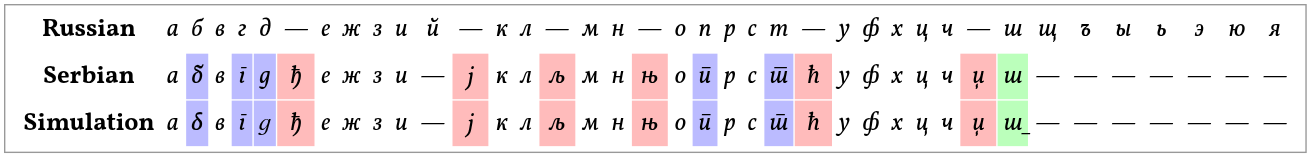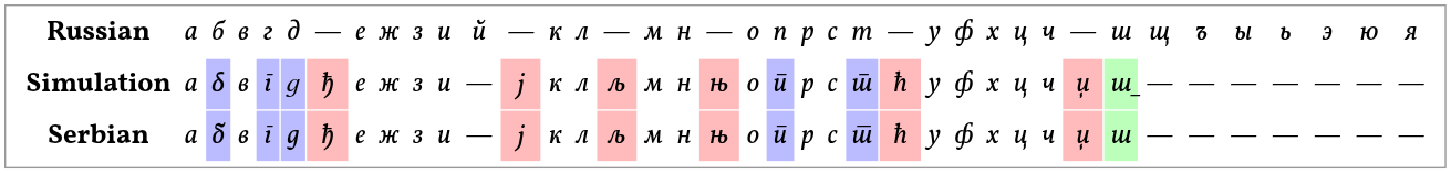 <table border=0 cellpadding=4 cellspacing=1 style="padding:0 .5em .2em; border:1px solid #999; margin:1em 0;">
 <tr style="font-family:Vollkorn,FreeSerif,Cambria,'Times New Roman','Nimbus Roman No9 L','Century Schoolbook L','Trebuchet MS','URW Bookman L','URW Chancery L','URW Palladio L',Teams,serif; font-size:large; text-align:center; " lang="ru">
 <th lang="en">Russian</th>
 <td><em>а</em></td>
 <td><em>б</em></td>
 <td><em>в</em></td>
 <td><em>г</em></td>
 <td><em>д</em></td>
 <td><em>—</em></td>
 <td><em>е</em></td>
 <td><em>ж</em></td>
 <td><em>з</em></td>
 <td><em>и</em></td>
 <td><em>й</em></td>
 <td><em>—</em></td>
 <td><em>к</em></td>
 <td><em>л</em></td>
 <td><em>—</em></td>
 <td><em>м</em></td>
 <td><em>н</em></td>
 <td><em>—</em></td>
 <td><em>о</em></td>
 <td><em>п</em></td>
 <td><em>р</em></td>
 <td><em>с</em></td>
 <td><em>т</em></td>
 <td><em>—</em></td>
 <td><em>у</em></td>
 <td><em>ф</em></td>
 <td><em>х</em></td>
 <td><em>ц</em></td>
 <td><em>ч</em></td>
 <td><em>—</em></td>
 <td><em>ш</em></td>
 <td><em>щ</em></td>
 <td><em>ъ</em></td>
 <td><em>ы</em></td>
 <td><em>ь</em></td>
 <td><em>э</em></td>
 <td><em>ю</em></td>
 <td><em>я</em></td>
 </tr>
+<tr style="font-family:Vollkorn,FreeSerif,Cambria,'Times New Roman','Nimbus Roman No9 L','Century Schoolbook L','Trebuchet MS','URW Bookman L','URW Chancery L','URW Palladio L',Teams,serif; font-size:large; text-align:center; " lang="ru">
+<th lang="en">Simulation</th>
+<td><em>а</em></td>
+<td style="background:#BBF"><em>δ</em></td>
+<td><em>в</em></td>
+<td style="background:#BBF"><em>ī</em></td>
+<td style="background:#BBF"><em>ɡ</em></td>
+<td style="background:#FBB"><em>ђ</em></td>
+<td><em>е</em></td>
+<td><em>ж</em></td>
+<td><em>з</em></td>
+<td><em>и</em></td>
+<td><em>—</em></td>
+<td style="background:#FBB"><em>ј</em></td>
+<td><em>к</em></td>
+<td><em>л</em></td>
+<td style="background:#FBB"><em>љ</em></td>
+<td><em>м</em></td>
+<td><em>н</em></td>
+<td style="background:#FBB"><em>њ</em></td>
+<td><em>о</em></td>
+<td style="background:#BBF"><em>ū</em></td>
+<td><em>р</em></td>
+<td><em>с</em></td>
+<td style="background:#BBF"><em>ш&#772;</em></td>
+<td style="background:#FBB"><em>ћ</em></td>
+<td><em>у</em></td>
+<td><em>ф</em></td>
+<td><em>х</em></td>
+<td><em>ц</em></td>
+<td><em>ч</em></td>
+<td style="background:#FBB"><em>џ</em></td>
+<td style="background:#BFB"><em>ш&#817;</em></td>
+<td><em>—</em></td>
+<td><em>—</em></td>
+<td><em>—</em></td>
+<td><em>—</em></td>
+<td><em>—</em></td>
+<td><em>—</em></td>
+<td><em>—</em></td>
+</tr>
 <tr style="font-family:Vollkorn,FreeSerif,Cambria,'Times New Roman','Nimbus Roman No9 L','Century Schoolbook L','Trebuchet MS','URW Bookman L','URW Chancery L','URW Palladio L',Teams,serif; font-size:large; text-align:center; " lang="sr">
 <th lang="en">Serbian</th>
 <td><em>а</em></td>
 <td style="background:#BBF"><em>б</em></td>
 <td><em>в</em></td>
 <td style="background:#BBF"><em>г</em></td>
 <td style="background:#BBF"><em>д</em></td>
 <td style="background:#FBB"><em>ђ</em></td>
 <td><em>е</em></td>
 <td><em>ж</em></td>
 <td><em>з</em></td>
 <td><em>и</em></td>
 <td><em>—</em></td>
 <td style="background:#FBB"><em>ј</em></td>
 <td><em>к</em></td>
 <td><em>л</em></td>
 <td style="background:#FBB"><em>љ</em></td>
 <td><em>м</em></td>
 <td><em>н</em></td>
 <td style="background:#FBB"><em>њ</em></td>
 <td><em>о</em></td>
 <td style="background:#BBF"><em>п</em></td>
 <td><em>р</em></td>
 <td><em>с</em></td>
 <td style="background:#BBF"><em>т</em></td>
 <td style="background:#FBB"><em>ћ</em></td>
 <td><em>у</em></td>
 <td><em>ф</em></td>
 <td><em>х</em></td>
 <td><em>ц</em></td>
 <td><em>ч</em></td>
 <td style="background:#FBB"><em>џ</em></td>
 <td style="background:#BFB"><em>ш</em></td>
 <td><em>—</em></td>
 <td><em>—</em></td>
 <td><em>—</em></td>
 <td><em>—</em></td>
 <td><em>—</em></td>
 <td><em>—</em></td>
 <td><em>—</em></td>
 </tr>
-<tr style="font-family:Vollkorn,FreeSerif,Cambria,'Times New Roman','Nimbus Roman No9 L','Century Schoolbook L','Trebuchet MS','URW Bookman L','URW Chancery L','URW Palladio L',Teams,serif; font-size:large; text-align:center; " lang="ru">
-<th lang="en">Simulation</th>
-<td><em>а</em></td>
-<td style="background:#BBF"><em>δ</em></td>
-<td><em>в</em></td>
-<td style="background:#BBF"><em>ī</em></td>
-<td style="background:#BBF"><em>ɡ</em></td>
-<td style="background:#FBB"><em>ђ</em></td>
-<td><em>е</em></td>
-<td><em>ж</em></td>
-<td><em>з</em></td>
-<td><em>и</em></td>
-<td><em>—</em></td>
-<td style="background:#FBB"><em>ј</em></td>
-<td><em>к</em></td>
-<td><em>л</em></td>
-<td style="background:#FBB"><em>љ</em></td>
-<td><em>м</em></td>
-<td><em>н</em></td>
-<td style="background:#FBB"><em>њ</em></td>
-<td><em>о</em></td>
-<td style="background:#BBF"><em>ū</em></td>
-<td><em>р</em></td>
-<td><em>с</em></td>
-<td style="background:#BBF"><em>ш&#772;</em></td>
-<td style="background:#FBB"><em>ћ</em></td>
-<td><em>у</em></td>
-<td><em>ф</em></td>
-<td><em>х</em></td>
-<td><em>ц</em></td>
-<td><em>ч</em></td>
-<td style="background:#FBB"><em>џ</em></td>
-<td style="background:#BFB"><em>ш&#817;</em></td>
-<td><em>—</em></td>
-<td><em>—</em></td>
-<td><em>—</em></td>
-<td><em>—</em></td>
-<td><em>—</em></td>
-<td><em>—</em></td>
-<td><em>—</em></td>
-</tr>
 </table>
